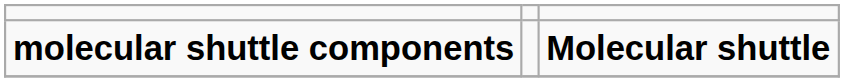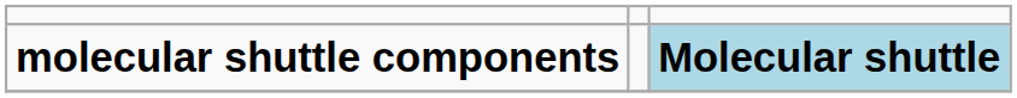 <table align="center"  class="wikitable">
 <tr>
 <td></td>
 <td></td>
 <td></td>
 </tr>
 <tr>
 <td><strong>molecular shuttle components</strong></td>
 <td></td>
-<td><strong>Molecular shuttle</strong></td>
+<td style="background: lightblue;"><strong>Molecular shuttle</strong></td>
 </tr>
 <tr>
 </tr>
 </table>
